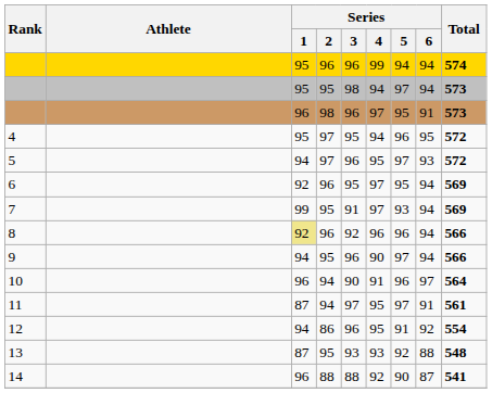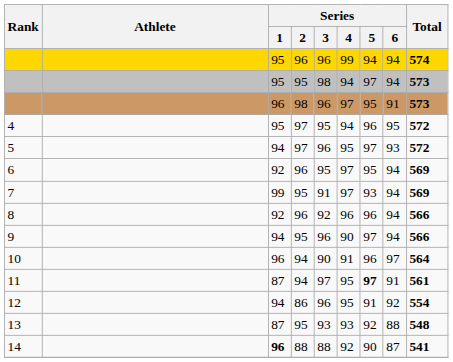 <table class="wikitable" style="font-size:95%" style="width:35em;" style="text-align:center">
 <tr>
 <th rowspan=2>Rank</th>
 <th rowspan=2 width=250>Athlete</th>
 <th colspan=6 width=150>Series</th>
 <th rowspan=2 width=40>Total</th>
 </tr>
 <tr>
 <th>1</th>
 <th>2</th>
 <th>3</th>
 <th>4</th>
 <th>5</th>
 <th>6</th>
 </tr>
 <tr bgcolor=gold>
 <td></td>
 <td align=left></td>
 <td>95</td>
 <td>96</td>
 <td>96</td>
 <td>99</td>
 <td>94</td>
 <td>94</td>
 <td><strong>574</strong></td>
 </tr>
 <tr bgcolor=silver>
 <td></td>
 <td align=left></td>
 <td>95</td>
 <td>95</td>
 <td>98</td>
 <td>94</td>
 <td>97</td>
 <td>94</td>
 <td><strong>573</strong></td>
 </tr>
 <tr bgcolor=cc9966>
 <td></td>
 <td align=left></td>
 <td>96</td>
 <td>98</td>
 <td>96</td>
 <td>97</td>
 <td>95</td>
 <td>91</td>
 <td><strong>573</strong></td>
 </tr>
 <tr>
 <td>4</td>
 <td align=left></td>
 <td>95</td>
 <td>97</td>
 <td>95</td>
 <td>94</td>
 <td>96</td>
 <td>95</td>
 <td><strong>572</strong></td>
 </tr>
 <tr>
 <td>5</td>
 <td align=left></td>
 <td>94</td>
 <td>97</td>
 <td>96</td>
 <td>95</td>
 <td>97</td>
 <td>93</td>
 <td><strong>572</strong></td>
 </tr>
 <tr>
 <td>6</td>
 <td align=left></td>
 <td>92</td>
 <td>96</td>
 <td>95</td>
 <td>97</td>
 <td>95</td>
 <td>94</td>
 <td><strong>569</strong></td>
 </tr>
 <tr>
 <td>7</td>
 <td align=left></td>
 <td>99</td>
 <td>95</td>
 <td>91</td>
 <td>97</td>
 <td>93</td>
 <td>94</td>
 <td><strong>569</strong></td>
 </tr>
 <tr>
 <td>8</td>
 <td align=left></td>
-<td style="background: khaki;">92</td>
+<td>92</td>
 <td>96</td>
 <td>92</td>
 <td>96</td>
 <td>96</td>
 <td>94</td>
 <td><strong>566</strong></td>
 </tr>
 <tr>
 <td>9</td>
 <td align=left></td>
 <td>94</td>
 <td>95</td>
 <td>96</td>
 <td>90</td>
 <td>97</td>
 <td>94</td>
 <td><strong>566</strong></td>
 </tr>
 <tr>
 <td>10</td>
 <td align=left></td>
 <td>96</td>
 <td>94</td>
 <td>90</td>
 <td>91</td>
 <td>96</td>
 <td>97</td>
 <td><strong>564</strong></td>
 </tr>
 <tr>
 <td>11</td>
 <td align=left></td>
 <td>87</td>
 <td>94</td>
 <td>97</td>
 <td>95</td>
-<td>97</td>
+<td><strong>97</strong></td>
 <td>91</td>
 <td><strong>561</strong></td>
 </tr>
 <tr>
 <td>12</td>
 <td align=left></td>
 <td>94</td>
 <td>86</td>
 <td>96</td>
 <td>95</td>
 <td>91</td>
 <td>92</td>
 <td><strong>554</strong></td>
 </tr>
 <tr>
 <td>13</td>
 <td align=left></td>
 <td>87</td>
 <td>95</td>
 <td>93</td>
 <td>93</td>
 <td>92</td>
 <td>88</td>
 <td><strong>548</strong></td>
 </tr>
 <tr>
 <td>14</td>
 <td align=left></td>
-<td>96</td>
+<td><strong>96</strong></td>
 <td>88</td>
 <td>88</td>
 <td>92</td>
 <td>90</td>
 <td>87</td>
 <td><strong>541</strong></td>
 </tr>
 <tr>
 </tr>
 </table>
